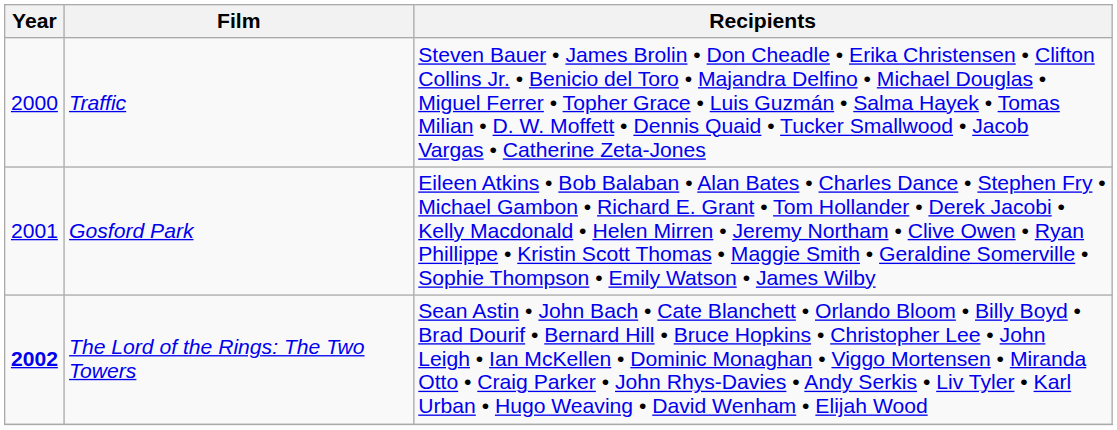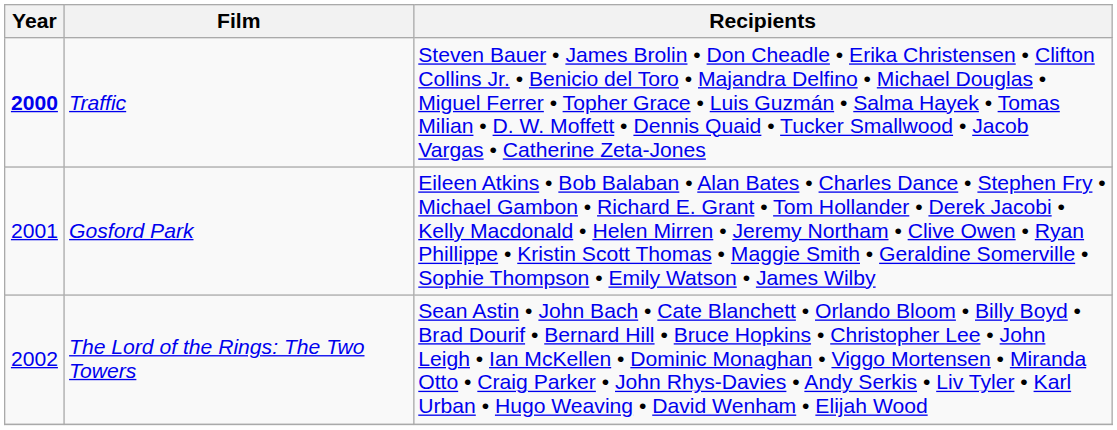 <table class="wikitable" width="95%" cellpadding="5">
 <tr>
 <th width="5%">Year</th>
 <th width="30%">Film</th>
 <th width="60%">Recipients</th>
 </tr>
 <tr>
-<td style="text-align:center;"><a href='#'>2000</a></td>
+<td style="text-align:center;"><strong><a href='#'>2000</a></strong></td>
 <td><em><a href='#'>Traffic</a></em></td>
 <td><a href='#'>Steven Bauer</a> • <a href='#'>James Brolin</a> • <a href='#'>Don Cheadle</a> • <a href='#'>Erika Christensen</a> • <a href='#'>Clifton Collins Jr.</a> • <a href='#'>Benicio del Toro</a> • <a href='#'>Majandra Delfino</a> • <a href='#'>Michael Douglas</a> • <a href='#'>Miguel Ferrer</a> • <a href='#'>Topher Grace</a> • <a href='#'>Luis Guzmán</a> • <a href='#'>Salma Hayek</a> • <a href='#'>Tomas Milian</a> • <a href='#'>D. W. Moffett</a> • <a href='#'>Dennis Quaid</a> • <a href='#'>Tucker Smallwood</a> • <a href='#'>Jacob Vargas</a> • <a href='#'>Catherine Zeta-Jones</a></td>
 </tr>
 <tr>
 <td style="text-align:center;"><a href='#'>2001</a></td>
 <td><em><a href='#'>Gosford Park</a></em></td>
 <td><a href='#'>Eileen Atkins</a> • <a href='#'>Bob Balaban</a> • <a href='#'>Alan Bates</a> • <a href='#'>Charles Dance</a> • <a href='#'>Stephen Fry</a> • <a href='#'>Michael Gambon</a> • <a href='#'>Richard E. Grant</a> • <a href='#'>Tom Hollander</a> • <a href='#'>Derek Jacobi</a> • <a href='#'>Kelly Macdonald</a> • <a href='#'>Helen Mirren</a> • <a href='#'>Jeremy Northam</a> • <a href='#'>Clive Owen</a> • <a href='#'>Ryan Phillippe</a> • <a href='#'>Kristin Scott Thomas</a> • <a href='#'>Maggie Smith</a> • <a href='#'>Geraldine Somerville</a> • <a href='#'>Sophie Thompson</a> • <a href='#'>Emily Watson</a> • <a href='#'>James Wilby</a></td>
 </tr>
 <tr>
-<td style="text-align:center;"><strong><a href='#'>2002</a></strong></td>
+<td style="text-align:center;"><a href='#'>2002</a></td>
 <td><em><a href='#'>The Lord of the Rings: The Two Towers</a></em></td>
 <td><a href='#'>Sean Astin</a> • <a href='#'>John Bach</a> • <a href='#'>Cate Blanchett</a> • <a href='#'>Orlando Bloom</a> • <a href='#'>Billy Boyd</a> • <a href='#'>Brad Dourif</a> • <a href='#'>Bernard Hill</a> • <a href='#'>Bruce Hopkins</a> • <a href='#'>Christopher Lee</a> • <a href='#'>John Leigh</a> • <a href='#'>Ian McKellen</a> • <a href='#'>Dominic Monaghan</a> • <a href='#'>Viggo Mortensen</a> • <a href='#'>Miranda Otto</a> • <a href='#'>Craig Parker</a> • <a href='#'>John Rhys-Davies</a> • <a href='#'>Andy Serkis</a> • <a href='#'>Liv Tyler</a> • <a href='#'>Karl Urban</a> • <a href='#'>Hugo Weaving</a> • <a href='#'>David Wenham</a> • <a href='#'>Elijah Wood</a></td>
 </tr>
 <tr>
 </tr>
 </table>
